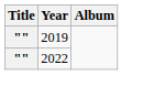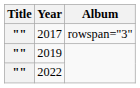 <table class="wikitable plainrowheaders" style="text-align:center;">
 <tr>
 <th scope="col" rowspan="1">Title</th>
 <th scope="col" rowspan="1">Year</th>
 <th scope="col" rowspan="1">Album</th>
+</tr>
+<tr>
+<th scope="row">""<br></th>
+<td>2017</td>
+<td>rowspan="3" </td>
 </tr>
 <tr>
 <th scope="row">""<br></th>
 <td>2019</td>
 </tr>
 <tr>
 <th scope="row">""<br></th>
 <td>2022</td>
 </tr>
 </table>
